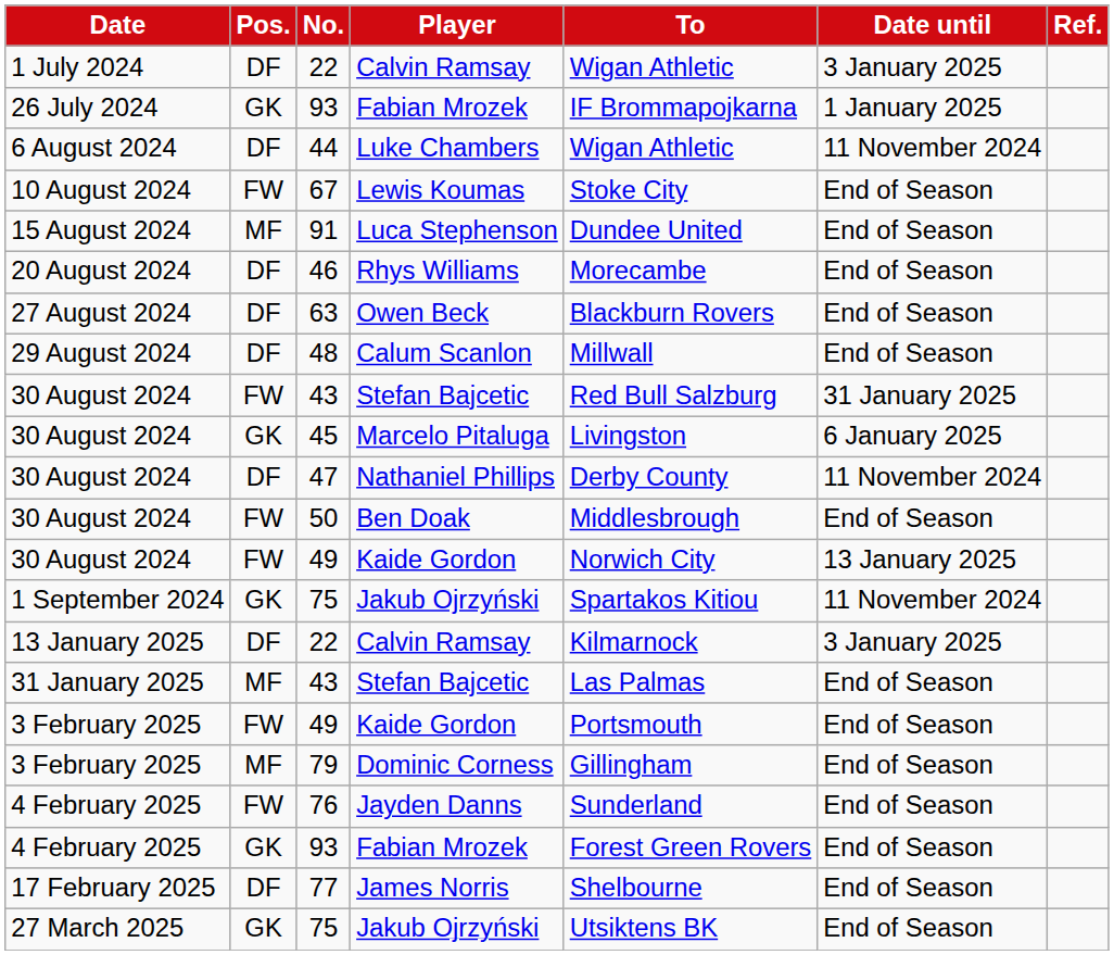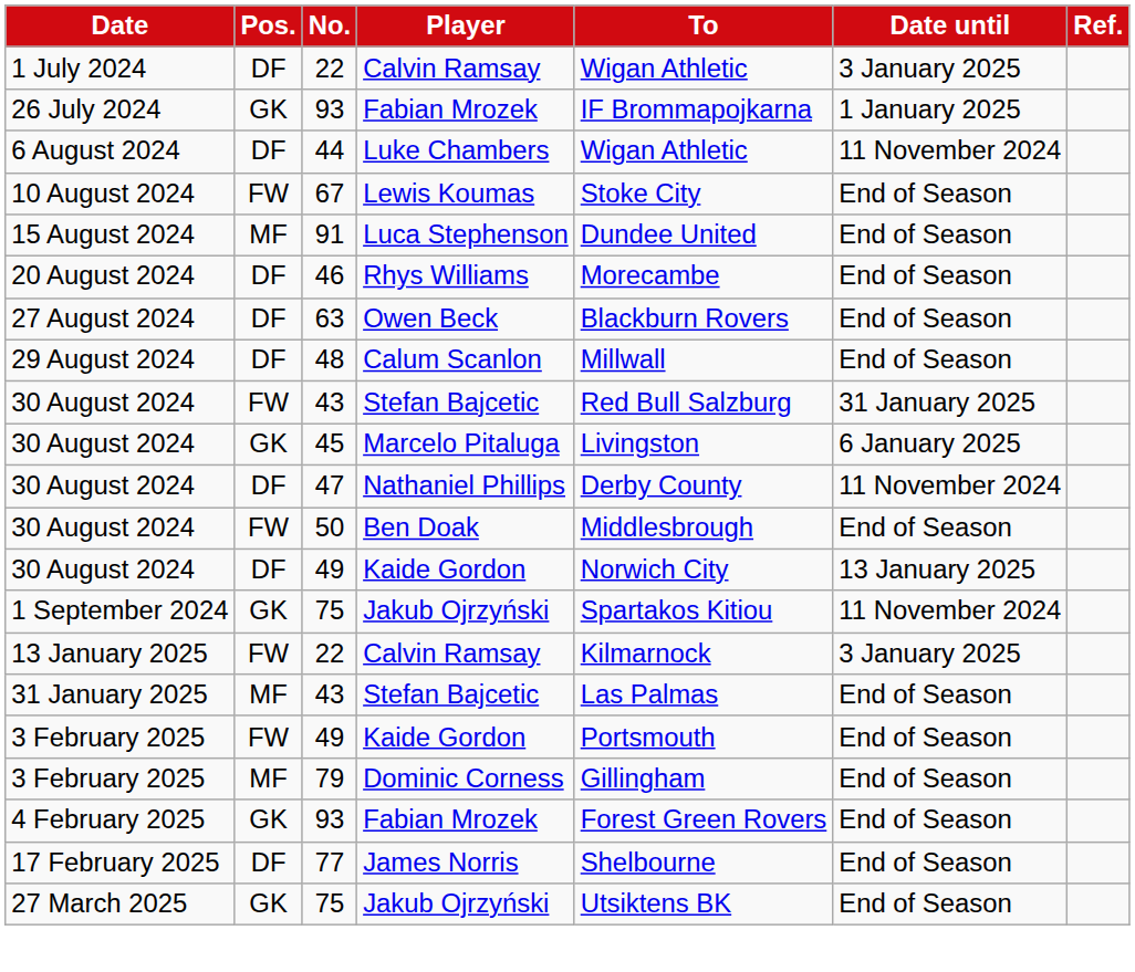 <table class="wikitable plainrowheaders sortable">
 <tr>
 <th style="background:#D10A11; color:white; ">Date</th>
 <th style="background:#D10A11; color:white; ">Pos.</th>
 <th style="background:#D10A11; color:white; ">No.</th>
 <th style="background:#D10A11; color:white; ">Player</th>
 <th style="background:#D10A11; color:white; ">To</th>
 <th style="background:#D10A11; color:white; ">Date until</th>
 <th style="background:#D10A11; color:white; ">Ref.</th>
 </tr>
 <tr>
 <td>1 July 2024</td>
 <td style="text-align:center;">DF</td>
 <td style="text-align:center;">22</td>
 <td style="text-align:left;"> <a href='#'>Calvin Ramsay</a></td>
 <td style="text-align:left;"> <a href='#'>Wigan Athletic</a></td>
 <td> 3 January 2025</td>
 <td></td>
 </tr>
 <tr>
 <td>26 July 2024</td>
 <td style="text-align:center;">GK</td>
 <td style="text-align:center;">93</td>
 <td style="text-align:left;"> <a href='#'>Fabian Mrozek</a></td>
 <td style="text-align:left;"> <a href='#'>IF Brommapojkarna</a></td>
 <td> 1 January 2025</td>
 <td></td>
 </tr>
 <tr>
 <td>6 August 2024</td>
 <td style="text-align:center;">DF</td>
 <td style="text-align:center;">44</td>
 <td style="text-align:left;"> <a href='#'>Luke Chambers</a></td>
 <td style="text-align:left;"> <a href='#'>Wigan Athletic</a></td>
 <td> 11 November 2024</td>
 <td></td>
 </tr>
 <tr>
 <td>10 August 2024</td>
 <td style="text-align:center;">FW</td>
 <td style="text-align:center;">67</td>
 <td style="text-align:left;"> <a href='#'>Lewis Koumas</a></td>
 <td style="text-align:left;"> <a href='#'>Stoke City</a></td>
 <td> End of Season</td>
 <td></td>
 </tr>
 <tr>
 <td>15 August 2024</td>
 <td style="text-align:center;">MF</td>
 <td style="text-align:center;">91</td>
 <td style="text-align:left;"> <a href='#'>Luca Stephenson</a></td>
 <td style="text-align:left;"> <a href='#'>Dundee United</a></td>
 <td> End of Season</td>
 <td></td>
 </tr>
 <tr>
 <td>20 August 2024</td>
 <td style="text-align:center;">DF</td>
 <td style="text-align:center;">46</td>
 <td style="text-align:left;"> <a href='#'>Rhys Williams</a></td>
 <td style="text-align:left;"> <a href='#'>Morecambe</a></td>
 <td> End of Season</td>
 <td></td>
 </tr>
 <tr>
 <td>27 August 2024</td>
 <td style="text-align:center;">DF</td>
 <td style="text-align:center;">63</td>
 <td style="text-align:left;"> <a href='#'>Owen Beck</a></td>
 <td style="text-align:left;"> <a href='#'>Blackburn Rovers</a></td>
 <td> End of Season</td>
 <td></td>
 </tr>
 <tr>
 <td>29 August 2024</td>
 <td style="text-align:center;">DF</td>
 <td style="text-align:center;">48</td>
 <td style="text-align:left;"> <a href='#'>Calum Scanlon</a></td>
 <td style="text-align:left;"> <a href='#'>Millwall</a></td>
 <td> End of Season</td>
 <td></td>
 </tr>
 <tr>
 <td>30 August 2024</td>
 <td style="text-align:center;">FW</td>
 <td style="text-align:center;">43</td>
 <td style="text-align:left;"> <a href='#'>Stefan Bajcetic</a></td>
 <td style="text-align:left;"> <a href='#'>Red Bull Salzburg</a></td>
 <td> 31 January 2025</td>
 <td></td>
 </tr>
 <tr>
 <td>30 August 2024</td>
 <td style="text-align:center;">GK</td>
 <td style="text-align:center;">45</td>
 <td style="text-align:left;"> <a href='#'>Marcelo Pitaluga</a></td>
 <td style="text-align:left;"> <a href='#'>Livingston</a></td>
 <td> 6 January 2025</td>
 <td></td>
 </tr>
 <tr>
 <td>30 August 2024</td>
 <td style="text-align:center;">DF</td>
 <td style="text-align:center;">47</td>
 <td style="text-align:left;"> <a href='#'>Nathaniel Phillips</a></td>
 <td style="text-align:left;"> <a href='#'>Derby County</a></td>
 <td> 11 November 2024</td>
 <td></td>
 </tr>
 <tr>
 <td>30 August 2024</td>
 <td style="text-align:center;">FW</td>
 <td style="text-align:center;">50</td>
 <td style="text-align:left;"> <a href='#'>Ben Doak</a></td>
 <td style="text-align:left;"> <a href='#'>Middlesbrough</a></td>
 <td> End of Season</td>
 <td></td>
 </tr>
 <tr>
 <td>30 August 2024</td>
-<td style="text-align:center;">FW</td>
+<td style="text-align:center;">DF</td>
 <td style="text-align:center;">49</td>
 <td style="text-align:left;"> <a href='#'>Kaide Gordon</a></td>
 <td style="text-align:left;"> <a href='#'>Norwich City</a></td>
 <td> 13 January 2025</td>
 <td></td>
 </tr>
 <tr>
 <td>1 September 2024</td>
 <td style="text-align:center;">GK</td>
 <td style="text-align:center;">75</td>
 <td style="text-align:left;"> <a href='#'>Jakub Ojrzyński</a></td>
 <td style="text-align:left;"> <a href='#'>Spartakos Kitiou</a></td>
 <td> 11 November 2024</td>
 <td></td>
 </tr>
 <tr>
 <td>13 January 2025</td>
-<td style="text-align:center;">DF</td>
+<td style="text-align:center;">FW</td>
 <td style="text-align:center;">22</td>
 <td style="text-align:left;"> <a href='#'>Calvin Ramsay</a></td>
 <td style="text-align:left;"> <a href='#'>Kilmarnock</a></td>
 <td> 3 January 2025</td>
 <td></td>
 </tr>
 <tr>
 <td>31 January 2025</td>
 <td style="text-align:center;">MF</td>
 <td style="text-align:center;">43</td>
 <td style="text-align:left;"> <a href='#'>Stefan Bajcetic</a></td>
 <td style="text-align:left;"> <a href='#'>Las Palmas</a></td>
 <td> End of Season</td>
 <td></td>
 </tr>
 <tr>
 <td>3 February 2025</td>
 <td style="text-align:center;">FW</td>
 <td style="text-align:center;">49</td>
 <td style="text-align:left;"> <a href='#'>Kaide Gordon</a></td>
 <td style="text-align:left;"> <a href='#'>Portsmouth</a></td>
 <td> End of Season</td>
 <td></td>
 </tr>
 <tr>
 <td>3 February 2025</td>
 <td style="text-align:center;">MF</td>
 <td style="text-align:center;">79</td>
 <td style="text-align:left;"> <a href='#'>Dominic Corness</a></td>
 <td style="text-align:left;"> <a href='#'>Gillingham</a></td>
 <td> End of Season</td>
 <td></td>
 </tr>
 <tr>
 <td>4 February 2025</td>
-<td style="text-align:center;">FW</td>
-<td style="text-align:center;">76</td>
-<td style="text-align:left;"> <a href='#'>Jayden Danns</a></td>
-<td style="text-align:left;"> <a href='#'>Sunderland</a></td>
-<td> End of Season</td>
-<td></td>
-</tr>
-<tr>
-<td>4 February 2025</td>
 <td style="text-align:center;">GK</td>
 <td style="text-align:center;">93</td>
 <td style="text-align:left;"> <a href='#'>Fabian Mrozek</a></td>
 <td style="text-align:left;"> <a href='#'>Forest Green Rovers</a></td>
 <td> End of Season</td>
 <td></td>
 </tr>
 <tr>
 <td>17 February 2025</td>
 <td style="text-align:center;">DF</td>
 <td style="text-align:center;">77</td>
 <td style="text-align:left;"> <a href='#'>James Norris</a></td>
 <td style="text-align:left;"> <a href='#'>Shelbourne</a></td>
 <td> End of Season</td>
 <td></td>
 </tr>
 <tr>
 <td>27 March 2025</td>
 <td style="text-align:center;">GK</td>
 <td style="text-align:center;">75</td>
 <td style="text-align:left;"> <a href='#'>Jakub Ojrzyński</a></td>
 <td style="text-align:left;"> <a href='#'>Utsiktens BK</a></td>
 <td> End of Season</td>
 <td></td>
 </tr>
 </table>
